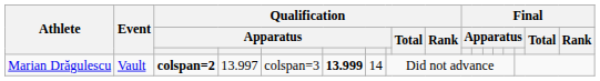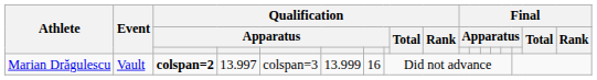 <table class="wikitable" style="font-size:90%">
 <tr>
 <th rowspan=3>Athlete</th>
 <th rowspan=3>Event</th>
 <th colspan =8>Qualification</th>
 <th colspan =8>Final</th>
 </tr>
 <tr style="font-size:95%">
 <th colspan=6>Apparatus</th>
 <th rowspan=2>Total</th>
 <th rowspan=2>Rank</th>
 <th colspan=6>Apparatus</th>
 <th rowspan=2>Total</th>
 <th rowspan=2>Rank</th>
 </tr>
 <tr style="font-size:95%">
 <th></th>
 <th></th>
 <th></th>
 <th></th>
 <th></th>
 <th></th>
 <th></th>
 <th></th>
 <th></th>
 <th></th>
 <th></th>
 <th></th>
 </tr>
 <tr align=center>
 <td align=left><a href='#'>Marian Drăgulescu</a></td>
 <td align=left><a href='#'>Vault</a></td>
 <td><strong>colspan=2 </strong></td>
 <td>13.997</td>
 <td>colspan=3 </td>
-<td><strong>13.999</strong></td>
-<td>14</td>
+<td>13.999</td>
+<td>16</td>
 <td colspan=8>Did not advance</td>
 </tr>
 </table>
